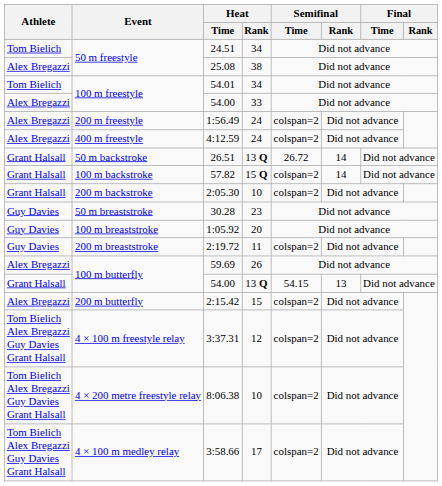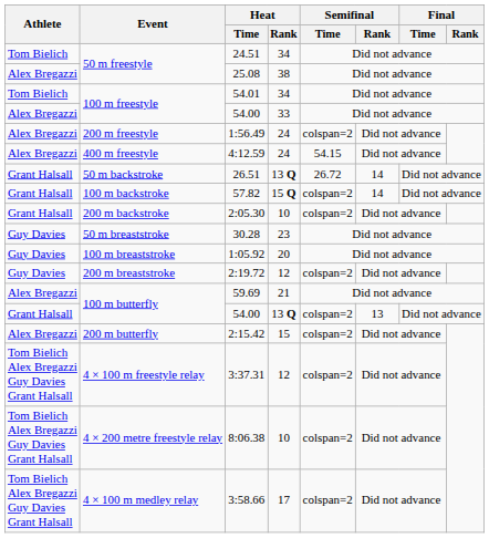 <table class=wikitable style=font-size:90%>
 <tr>
 <th rowspan=2>Athlete</th>
 <th rowspan=2>Event</th>
 <th colspan=2>Heat</th>
 <th colspan=2>Semifinal</th>
 <th colspan=2>Final</th>
 </tr>
 <tr style=font-size:95%>
 <th>Time</th>
 <th>Rank</th>
 <th>Time</th>
 <th>Rank</th>
 <th>Time</th>
 <th>Rank</th>
 </tr>
 <tr align=center>
 <td align=left><a href='#'>Tom Bielich</a></td>
 <td align=left rowspan=2><a href='#'>50 m freestyle</a></td>
 <td>24.51</td>
 <td>34</td>
 <td colspan=4>Did not advance</td>
 </tr>
 <tr align=center>
 <td align=left><a href='#'>Alex Bregazzi</a></td>
 <td>25.08</td>
 <td>38</td>
 <td colspan=4>Did not advance</td>
 </tr>
 <tr align=center>
 <td align=left><a href='#'>Tom Bielich</a></td>
 <td align=left rowspan=2><a href='#'>100 m freestyle</a></td>
 <td>54.01</td>
 <td>34</td>
 <td colspan=4>Did not advance</td>
 </tr>
 <tr align=center>
 <td align=left><a href='#'>Alex Bregazzi</a></td>
 <td>54.00</td>
 <td>33</td>
 <td colspan=4>Did not advance</td>
 </tr>
 <tr align=center>
 <td align=left><a href='#'>Alex Bregazzi</a></td>
 <td align=left><a href='#'>200 m freestyle</a></td>
 <td>1:56.49</td>
 <td>24</td>
 <td>colspan=2 </td>
 <td colspan=2>Did not advance</td>
 </tr>
 <tr align=center>
 <td align=left><a href='#'>Alex Bregazzi</a></td>
 <td align=left><a href='#'>400 m freestyle</a></td>
 <td>4:12.59</td>
 <td>24</td>
-<td>colspan=2 </td>
+<td>54.15</td>
 <td colspan=2>Did not advance</td>
 </tr>
 <tr align=center>
 <td align=left><a href='#'>Grant Halsall</a></td>
 <td align=left><a href='#'>50 m backstroke</a></td>
 <td>26.51</td>
 <td>13 <strong>Q</strong></td>
 <td>26.72</td>
 <td>14</td>
 <td colspan=2>Did not advance</td>
 </tr>
 <tr align=center>
 <td align=left><a href='#'>Grant Halsall</a></td>
 <td align=left><a href='#'>100 m backstroke</a></td>
 <td>57.82</td>
 <td>15 <strong>Q</strong></td>
 <td>colspan=2 </td>
 <td>14</td>
 <td colspan=2>Did not advance</td>
 </tr>
 <tr align=center>
 <td align=left><a href='#'>Grant Halsall</a></td>
 <td align=left><a href='#'>200 m backstroke</a></td>
 <td>2:05.30</td>
 <td>10</td>
 <td>colspan=2 </td>
 <td colspan=2>Did not advance</td>
 </tr>
 <tr align=center>
 <td align=left><a href='#'>Guy Davies</a></td>
 <td align=left><a href='#'>50 m breaststroke</a></td>
 <td>30.28</td>
 <td>23</td>
 <td colspan=4>Did not advance</td>
 </tr>
 <tr align=center>
 <td align=left><a href='#'>Guy Davies</a></td>
 <td align=left><a href='#'>100 m breaststroke</a></td>
 <td>1:05.92</td>
 <td>20</td>
 <td colspan=4>Did not advance</td>
 </tr>
 <tr align=center>
 <td align=left><a href='#'>Guy Davies</a></td>
 <td align=left><a href='#'>200 m breaststroke</a></td>
 <td>2:19.72</td>
-<td>11</td>
+<td>12</td>
 <td>colspan=2 </td>
 <td colspan=2>Did not advance</td>
 </tr>
 <tr align=center>
 <td align=left><a href='#'>Alex Bregazzi</a></td>
 <td align=left rowspan=2><a href='#'>100 m butterfly</a></td>
 <td>59.69</td>
-<td>26</td>
+<td>21</td>
 <td colspan=4>Did not advance</td>
 </tr>
 <tr align=center>
 <td align=left><a href='#'>Grant Halsall</a></td>
 <td>54.00</td>
 <td>13 <strong>Q</strong></td>
-<td>54.15</td>
+<td>colspan=2 </td>
 <td>13</td>
 <td colspan=2>Did not advance</td>
 </tr>
 <tr align=center>
 <td align=left><a href='#'>Alex Bregazzi</a></td>
 <td align=left><a href='#'>200 m butterfly</a></td>
 <td>2:15.42</td>
 <td>15</td>
 <td>colspan=2 </td>
 <td colspan=2>Did not advance</td>
 </tr>
 <tr align=center>
 <td align=left><a href='#'>Tom Bielich</a><br><a href='#'>Alex Bregazzi</a><br><a href='#'>Guy Davies</a><br><a href='#'>Grant Halsall</a></td>
 <td align=left><a href='#'>4 × 100 m freestyle relay</a></td>
 <td>3:37.31</td>
 <td>12</td>
 <td>colspan=2 </td>
 <td colspan=2>Did not advance</td>
 </tr>
 <tr align=center>
 <td align=left><a href='#'>Tom Bielich</a><br><a href='#'>Alex Bregazzi</a><br><a href='#'>Guy Davies</a><br><a href='#'>Grant Halsall</a></td>
 <td align=left><a href='#'>4 × 200 metre freestyle relay</a></td>
 <td>8:06.38</td>
 <td>10</td>
 <td>colspan=2 </td>
 <td colspan=2>Did not advance</td>
 </tr>
 <tr align=center>
 <td align=left><a href='#'>Tom Bielich</a><br><a href='#'>Alex Bregazzi</a><br><a href='#'>Guy Davies</a><br><a href='#'>Grant Halsall</a></td>
 <td align=left><a href='#'>4 × 100 m medley relay</a></td>
 <td>3:58.66</td>
 <td>17</td>
 <td>colspan=2 </td>
 <td colspan=2>Did not advance</td>
 </tr>
 </table>
